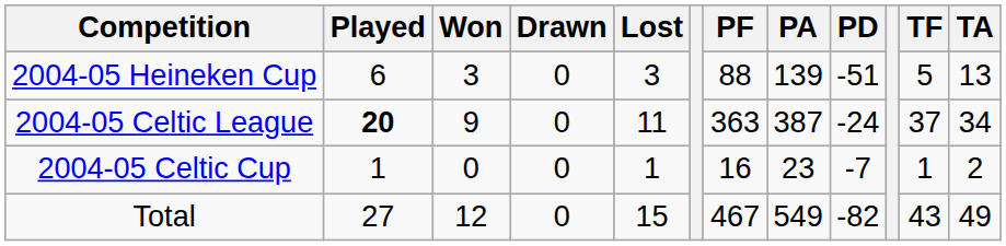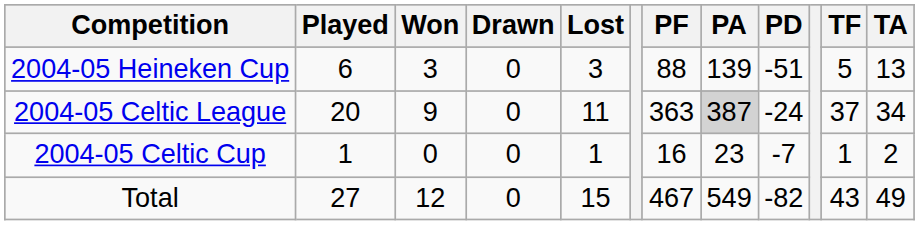 <table class="wikitable">
 <tr>
 <th>Competition</th>
 <th>Played</th>
 <th>Won</th>
 <th>Drawn</th>
 <th>Lost</th>
 <th rowspan="5"></th>
 <th>PF</th>
 <th>PA</th>
 <th>PD</th>
 <th rowspan="5"></th>
 <th>TF</th>
 <th>TA</th>
 </tr>
 <tr align=center>
 <td><a href='#'>2004-05 Heineken Cup</a></td>
 <td>6</td>
 <td>3</td>
 <td>0</td>
 <td>3</td>
 <td>88</td>
 <td>139</td>
 <td>-51</td>
 <td>5</td>
 <td>13</td>
 </tr>
 <tr align=center>
 <td><a href='#'>2004-05 Celtic League</a></td>
-<td><strong>20</strong></td>
+<td>20</td>
 <td>9</td>
 <td>0</td>
 <td>11</td>
 <td>363</td>
-<td>387</td>
+<td style="background: lightgrey;">387</td>
 <td>-24</td>
 <td>37</td>
 <td>34</td>
 </tr>
 <tr align=center>
 <td><a href='#'>2004-05 Celtic Cup</a></td>
 <td>1</td>
 <td>0</td>
 <td>0</td>
 <td>1</td>
 <td>16</td>
 <td>23</td>
 <td>-7</td>
 <td>1</td>
 <td>2</td>
 </tr>
 <tr align=center>
 <td>Total</td>
 <td>27</td>
 <td>12</td>
 <td>0</td>
 <td>15</td>
 <td>467</td>
 <td>549</td>
 <td>-82</td>
 <td>43</td>
 <td>49</td>
 </tr>
 </table>
